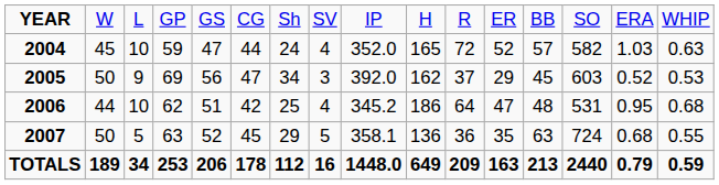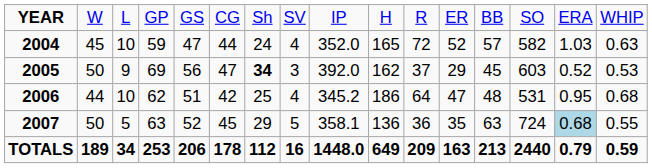 <table class="wikitable" style="text-align:center;">
 <tr>
 <td><strong>YEAR</strong></td>
 <td><a href='#'>W</a></td>
 <td><a href='#'>L</a></td>
 <td><a href='#'>GP</a></td>
 <td><a href='#'>GS</a></td>
 <td><a href='#'>CG</a></td>
 <td><a href='#'>Sh</a></td>
 <td><a href='#'>SV</a></td>
 <td><a href='#'>IP</a></td>
 <td><a href='#'>H</a></td>
 <td><a href='#'>R</a></td>
 <td><a href='#'>ER</a></td>
 <td><a href='#'>BB</a></td>
 <td><a href='#'>SO</a></td>
 <td><a href='#'>ERA</a></td>
 <td><a href='#'>WHIP</a></td>
 </tr>
 <tr>
 <td><strong>2004</strong></td>
 <td>45</td>
 <td>10</td>
 <td>59</td>
 <td>47</td>
 <td>44</td>
 <td>24</td>
 <td>4</td>
 <td>352.0</td>
 <td>165</td>
 <td>72</td>
 <td>52</td>
 <td>57</td>
 <td>582</td>
 <td>1.03</td>
 <td>0.63</td>
 </tr>
 <tr>
 <td><strong>2005</strong></td>
 <td>50</td>
 <td>9</td>
 <td>69</td>
 <td>56</td>
 <td>47</td>
-<td>34</td>
+<td><strong>34</strong></td>
 <td>3</td>
 <td>392.0</td>
 <td>162</td>
 <td>37</td>
 <td>29</td>
 <td>45</td>
 <td>603</td>
 <td>0.52</td>
 <td>0.53</td>
 </tr>
 <tr>
 <td><strong>2006</strong></td>
 <td>44</td>
 <td>10</td>
 <td>62</td>
 <td>51</td>
 <td>42</td>
 <td>25</td>
 <td>4</td>
 <td>345.2</td>
 <td>186</td>
 <td>64</td>
 <td>47</td>
 <td>48</td>
 <td>531</td>
 <td>0.95</td>
 <td>0.68</td>
 </tr>
 <tr>
 <td><strong>2007</strong></td>
 <td>50</td>
 <td>5</td>
 <td>63</td>
 <td>52</td>
 <td>45</td>
 <td>29</td>
 <td>5</td>
 <td>358.1</td>
 <td>136</td>
 <td>36</td>
 <td>35</td>
 <td>63</td>
 <td>724</td>
-<td>0.68</td>
+<td style="background: lightblue;">0.68</td>
 <td>0.55</td>
 </tr>
 <tr>
 <td><strong>TOTALS</strong></td>
 <td><strong>189</strong></td>
 <td><strong>34</strong></td>
 <td><strong>253</strong></td>
 <td><strong>206</strong></td>
 <td><strong>178</strong></td>
 <td><strong>112</strong></td>
 <td><strong>16</strong></td>
 <td><strong>1448.0</strong></td>
 <td><strong>649</strong></td>
 <td><strong>209</strong></td>
 <td><strong>163</strong></td>
 <td><strong>213</strong></td>
 <td><strong>2440</strong></td>
 <td><strong>0.79</strong></td>
 <td><strong>0.59</strong></td>
 </tr>
 </table>
